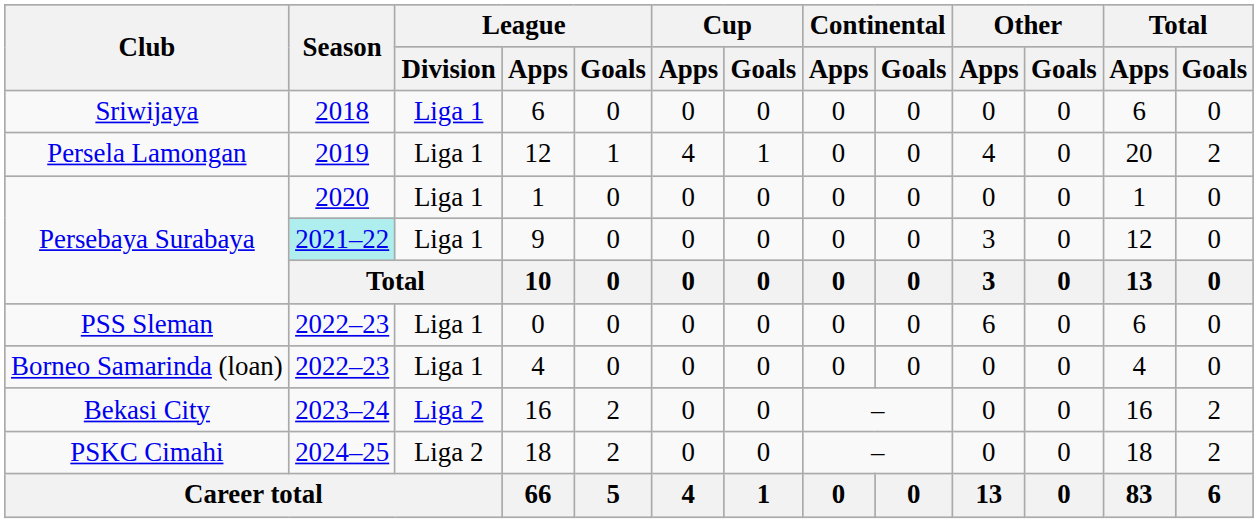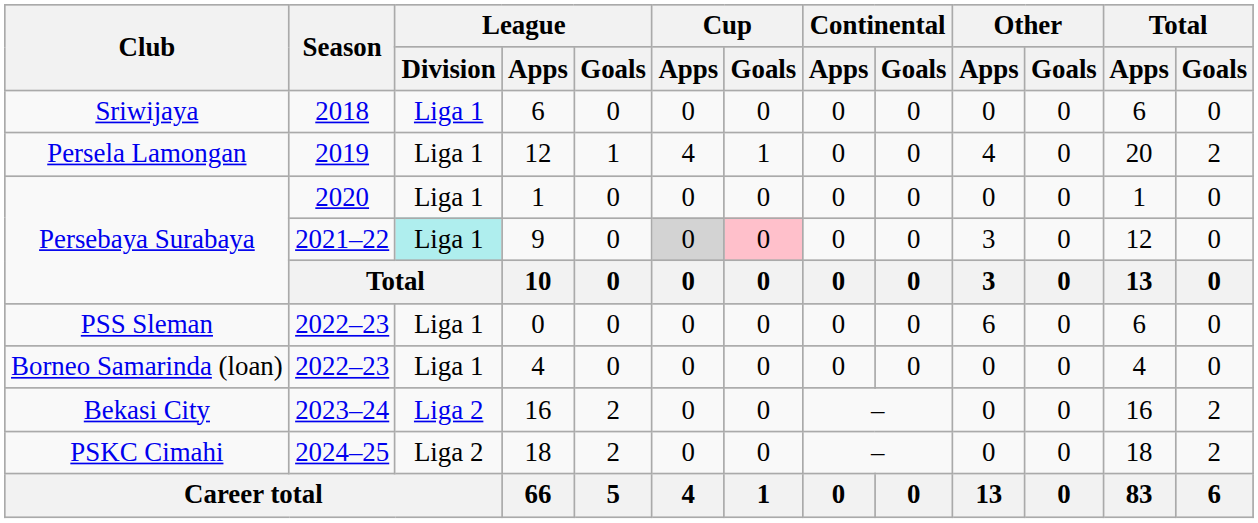 <table class="wikitable" style="text-align:center">
 <tr>
 <th rowspan="2">Club</th>
 <th rowspan="2">Season</th>
 <th colspan="3">League</th>
 <th colspan="2">Cup</th>
 <th colspan="2">Continental</th>
 <th colspan="2">Other</th>
 <th colspan="2">Total</th>
 </tr>
 <tr>
 <th>Division</th>
 <th>Apps</th>
 <th>Goals</th>
 <th>Apps</th>
 <th>Goals</th>
 <th>Apps</th>
 <th>Goals</th>
 <th>Apps</th>
 <th>Goals</th>
 <th>Apps</th>
 <th>Goals</th>
 </tr>
 <tr>
 <td rowspan="1" valign="center"><a href='#'>Sriwijaya</a></td>
 <td><a href='#'>2018</a></td>
 <td><a href='#'>Liga 1</a></td>
 <td>6</td>
 <td>0</td>
 <td>0</td>
 <td>0</td>
 <td>0</td>
 <td>0</td>
 <td>0</td>
 <td>0</td>
 <td>6</td>
 <td>0</td>
 </tr>
 <tr>
 <td rowspan="1" valign="center"><a href='#'>Persela Lamongan</a></td>
 <td><a href='#'>2019</a></td>
 <td>Liga 1</td>
 <td>12</td>
 <td>1</td>
 <td>4</td>
 <td>1</td>
 <td>0</td>
 <td>0</td>
 <td>4</td>
 <td>0</td>
 <td>20</td>
 <td>2</td>
 </tr>
 <tr>
 <td rowspan="3" valign="center"><a href='#'>Persebaya Surabaya</a></td>
 <td><a href='#'>2020</a></td>
 <td>Liga 1</td>
 <td>1</td>
 <td>0</td>
 <td>0</td>
 <td>0</td>
 <td>0</td>
 <td>0</td>
 <td>0</td>
 <td>0</td>
 <td>1</td>
 <td>0</td>
 </tr>
 <tr>
-<td style="background: paleturquoise;"><a href='#'>2021–22</a></td>
-<td>Liga 1</td>
+<td><a href='#'>2021–22</a></td>
+<td style="background: paleturquoise;">Liga 1</td>
 <td>9</td>
 <td>0</td>
-<td>0</td>
-<td>0</td>
+<td style="background: lightgrey;">0</td>
+<td style="background: pink;">0</td>
 <td>0</td>
 <td>0</td>
 <td>3</td>
 <td>0</td>
 <td>12</td>
 <td>0</td>
 </tr>
 <tr>
 <th colspan="2">Total</th>
 <th>10</th>
 <th>0</th>
 <th>0</th>
 <th>0</th>
 <th>0</th>
 <th>0</th>
 <th>3</th>
 <th>0</th>
 <th>13</th>
 <th>0</th>
 </tr>
 <tr>
 <td rowspan="1"><a href='#'>PSS Sleman</a></td>
 <td><a href='#'>2022–23</a></td>
 <td rowspan="1">Liga 1</td>
 <td>0</td>
 <td>0</td>
 <td>0</td>
 <td>0</td>
 <td>0</td>
 <td>0</td>
 <td>6</td>
 <td>0</td>
 <td>6</td>
 <td>0</td>
 </tr>
 <tr>
 <td rowspan="1"><a href='#'>Borneo Samarinda</a> (loan)</td>
 <td><a href='#'>2022–23</a></td>
 <td rowspan="1">Liga 1</td>
 <td>4</td>
 <td>0</td>
 <td>0</td>
 <td>0</td>
 <td>0</td>
 <td>0</td>
 <td>0</td>
 <td>0</td>
 <td>4</td>
 <td>0</td>
 </tr>
 <tr>
 <td rowspan="1"><a href='#'>Bekasi City</a></td>
 <td><a href='#'>2023–24</a></td>
 <td rowspan="1"><a href='#'>Liga 2</a></td>
 <td>16</td>
 <td>2</td>
 <td>0</td>
 <td>0</td>
 <td colspan="2">–</td>
 <td>0</td>
 <td>0</td>
 <td>16</td>
 <td>2</td>
 </tr>
 <tr>
 <td rowspan="1"><a href='#'>PSKC Cimahi</a></td>
 <td><a href='#'>2024–25</a></td>
 <td rowspan="1">Liga 2</td>
 <td>18</td>
 <td>2</td>
 <td>0</td>
 <td>0</td>
 <td colspan="2">–</td>
 <td>0</td>
 <td>0</td>
 <td>18</td>
 <td>2</td>
 </tr>
 <tr>
 <th colspan="3">Career total</th>
 <th>66</th>
 <th>5</th>
 <th>4</th>
 <th>1</th>
 <th>0</th>
 <th>0</th>
 <th>13</th>
 <th>0</th>
 <th>83</th>
 <th>6</th>
 </tr>
 </table>
